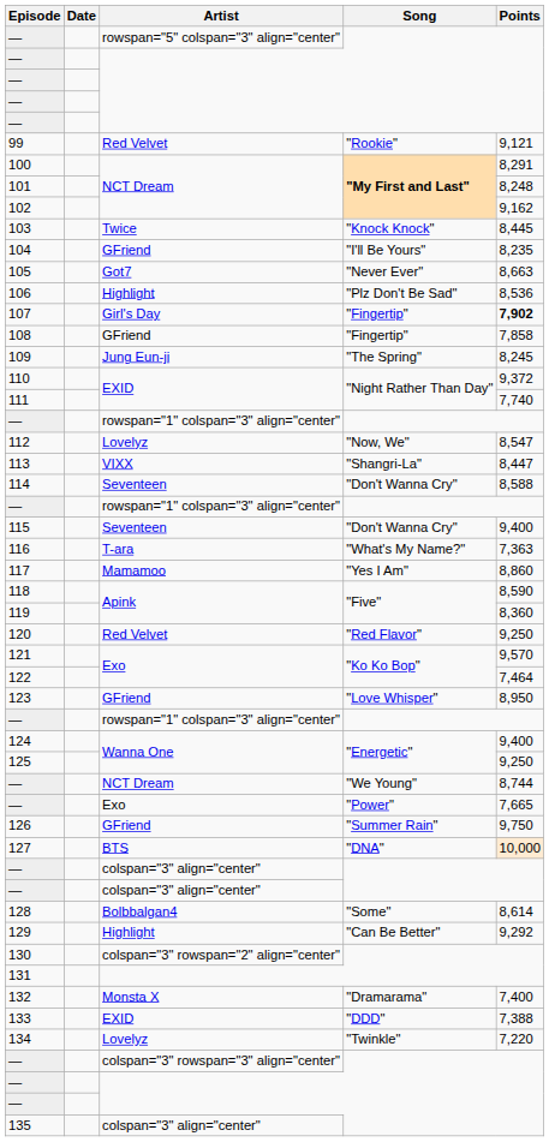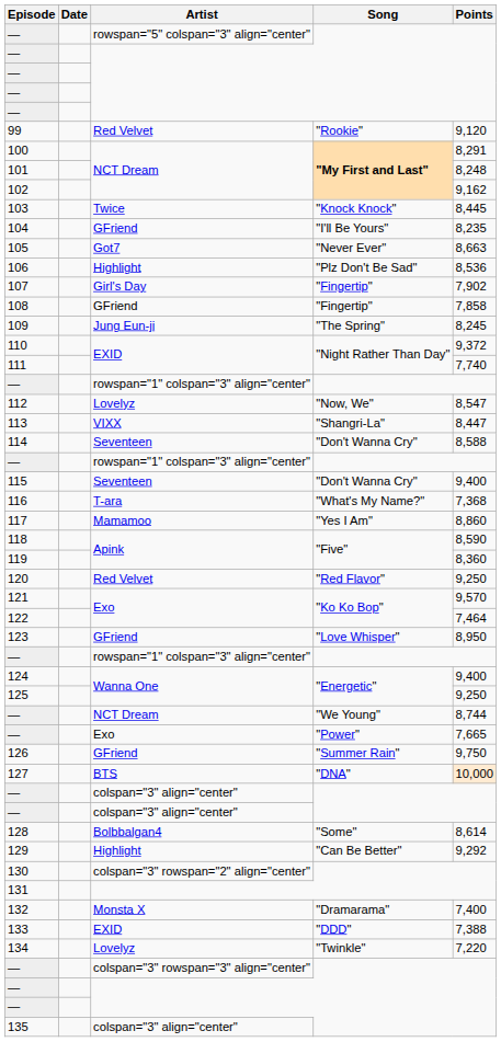 <table class="sortable wikitable">
 <tr>
 <th>Episode</th>
 <th>Date</th>
 <th>Artist</th>
 <th>Song</th>
 <th>Points</th>
 </tr>
 <tr>
 <td style="background:#eee;">—</td>
 <td></td>
 <td>rowspan="5" colspan="3" align="center" </td>
 </tr>
 <tr>
 <td style="background:#eee;">—</td>
 <td></td>
 </tr>
 <tr>
 <td style="background:#eee;">—</td>
 <td></td>
 </tr>
 <tr>
 <td style="background:#eee;">—</td>
 <td></td>
 </tr>
 <tr>
 <td style="background:#eee;">—</td>
 <td></td>
 </tr>
 <tr>
 <td>99</td>
 <td></td>
 <td><a href='#'>Red Velvet</a></td>
 <td>"<a href='#'>Rookie</a>"</td>
-<td>9,121</td>
+<td>9,120</td>
 </tr>
 <tr>
 <td>100</td>
 <td></td>
 <td rowspan="3"><a href='#'>NCT Dream</a></td>
 <td rowspan="3" style="font-weight: bold; background: navajowhite;">"My First and Last"</td>
 <td>8,291</td>
 </tr>
 <tr>
 <td>101</td>
 <td></td>
 <td>8,248</td>
 </tr>
 <tr>
 <td>102</td>
 <td></td>
 <td>9,162</td>
 </tr>
 <tr>
 <td>103</td>
 <td></td>
 <td><a href='#'>Twice</a></td>
 <td>"<a href='#'>Knock Knock</a>"</td>
 <td>8,445</td>
 </tr>
 <tr>
 <td>104</td>
 <td></td>
 <td><a href='#'>GFriend</a></td>
 <td>"I'll Be Yours"</td>
 <td>8,235</td>
 </tr>
 <tr>
 <td>105</td>
 <td></td>
 <td><a href='#'>Got7</a></td>
 <td>"Never Ever"</td>
 <td>8,663</td>
 </tr>
 <tr>
 <td>106</td>
 <td></td>
 <td><a href='#'>Highlight</a></td>
 <td>"Plz Don't Be Sad"</td>
 <td>8,536</td>
 </tr>
 <tr>
 <td>107</td>
 <td></td>
 <td><a href='#'>Girl's Day</a></td>
 <td>"<a href='#'>Fingertip</a>"</td>
-<td><strong>7,902</strong></td>
+<td>7,902</td>
 </tr>
 <tr>
 <td>108</td>
 <td></td>
 <td>GFriend</td>
 <td>"Fingertip"</td>
 <td>7,858</td>
 </tr>
 <tr>
 <td>109</td>
 <td></td>
 <td><a href='#'>Jung Eun-ji</a></td>
 <td>"The Spring"</td>
 <td>8,245</td>
 </tr>
 <tr>
 <td>110</td>
 <td></td>
 <td rowspan="2"><a href='#'>EXID</a></td>
 <td rowspan="2">"Night Rather Than Day"</td>
 <td>9,372</td>
 </tr>
 <tr>
 <td>111</td>
 <td></td>
 <td>7,740</td>
 </tr>
 <tr>
 <td style="background:#eee;">—</td>
 <td></td>
 <td>rowspan="1" colspan="3" align="center" </td>
 </tr>
 <tr>
 <td>112</td>
 <td></td>
 <td><a href='#'>Lovelyz</a></td>
 <td>"Now, We"</td>
 <td>8,547</td>
 </tr>
 <tr>
 <td>113</td>
 <td></td>
 <td><a href='#'>VIXX</a></td>
 <td>"Shangri-La"</td>
 <td>8,447</td>
 </tr>
 <tr>
 <td>114</td>
 <td></td>
 <td><a href='#'>Seventeen</a></td>
 <td>"Don't Wanna Cry"</td>
 <td>8,588</td>
 </tr>
 <tr>
 <td style="background:#eee;">—</td>
 <td></td>
 <td>rowspan="1" colspan="3" align="center" </td>
 </tr>
 <tr>
 <td>115</td>
 <td></td>
 <td><a href='#'>Seventeen</a></td>
 <td>"Don't Wanna Cry"</td>
 <td>9,400</td>
 </tr>
 <tr>
 <td>116</td>
 <td></td>
 <td><a href='#'>T-ara</a></td>
 <td>"What's My Name?"</td>
-<td>7,363</td>
+<td>7,368</td>
 </tr>
 <tr>
 <td>117</td>
 <td></td>
 <td><a href='#'>Mamamoo</a></td>
 <td>"Yes I Am"</td>
 <td>8,860</td>
 </tr>
 <tr>
 <td>118</td>
 <td></td>
 <td rowspan="2"><a href='#'>Apink</a></td>
 <td rowspan="2">"Five"</td>
 <td>8,590</td>
 </tr>
 <tr>
 <td>119</td>
 <td></td>
 <td>8,360</td>
 </tr>
 <tr>
 <td>120</td>
 <td></td>
 <td><a href='#'>Red Velvet</a></td>
 <td>"<a href='#'>Red Flavor</a>"</td>
 <td>9,250</td>
 </tr>
 <tr>
 <td>121</td>
 <td></td>
 <td rowspan="2"><a href='#'>Exo</a></td>
 <td rowspan="2">"<a href='#'>Ko Ko Bop</a>"</td>
 <td>9,570</td>
 </tr>
 <tr>
 <td>122</td>
 <td></td>
 <td>7,464</td>
 </tr>
 <tr>
 <td>123</td>
 <td></td>
 <td><a href='#'>GFriend</a></td>
 <td>"<a href='#'>Love Whisper</a>"</td>
 <td>8,950</td>
 </tr>
 <tr>
 <td style="background:#eee;">—</td>
 <td></td>
 <td>rowspan="1" colspan="3" align="center" </td>
 </tr>
 <tr>
 <td>124</td>
 <td></td>
 <td rowspan="2"><a href='#'>Wanna One</a></td>
 <td rowspan="2">"<a href='#'>Energetic</a>"</td>
 <td>9,400</td>
 </tr>
 <tr>
 <td>125</td>
 <td></td>
 <td>9,250</td>
 </tr>
 <tr>
 <td style="background:#eee;">—</td>
 <td></td>
 <td><a href='#'>NCT Dream</a></td>
 <td>"We Young"</td>
 <td>8,744</td>
 </tr>
 <tr>
 <td style="background:#eee;">—</td>
 <td></td>
 <td>Exo</td>
 <td>"<a href='#'>Power</a>"</td>
 <td>7,665</td>
 </tr>
 <tr>
 <td>126</td>
 <td></td>
 <td><a href='#'>GFriend</a></td>
 <td>"<a href='#'>Summer Rain</a>"</td>
 <td>9,750</td>
 </tr>
 <tr>
 <td>127</td>
 <td></td>
 <td><a href='#'>BTS</a></td>
 <td>"<a href='#'>DNA</a>"</td>
 <td style='background: #ffebd2;'>10,000</td>
 </tr>
 <tr>
 <td style="background:#eee;">—</td>
 <td></td>
 <td>colspan="3" align="center" </td>
 </tr>
 <tr>
 <td style="background:#eee;">—</td>
 <td></td>
 <td>colspan="3"  align="center" </td>
 </tr>
 <tr>
 <td>128</td>
 <td></td>
 <td><a href='#'>Bolbbalgan4</a></td>
 <td>"Some"</td>
 <td>8,614</td>
 </tr>
 <tr>
 <td>129</td>
 <td></td>
 <td><a href='#'>Highlight</a></td>
 <td>"Can Be Better"</td>
 <td>9,292</td>
 </tr>
 <tr>
 <td>130</td>
 <td></td>
 <td>colspan="3" rowspan="2" align="center" </td>
 </tr>
 <tr>
 <td>131</td>
 <td></td>
 </tr>
 <tr>
 <td>132</td>
 <td></td>
 <td><a href='#'>Monsta X</a></td>
 <td>"Dramarama"</td>
 <td>7,400</td>
 </tr>
 <tr>
 <td>133</td>
 <td></td>
 <td><a href='#'>EXID</a></td>
 <td>"<a href='#'>DDD</a>"</td>
 <td>7,388</td>
 </tr>
 <tr>
 <td>134</td>
 <td></td>
 <td><a href='#'>Lovelyz</a></td>
 <td>"Twinkle"</td>
 <td>7,220</td>
 </tr>
 <tr>
 <td style="background:#eee;">—</td>
 <td></td>
 <td>colspan="3" rowspan="3" align="center" </td>
 </tr>
 <tr>
 <td style="background:#eee;">—</td>
 <td></td>
 </tr>
 <tr>
 <td style="background:#eee;">—</td>
 <td></td>
 </tr>
 <tr>
 <td>135</td>
 <td></td>
 <td>colspan="3" align="center" </td>
 </tr>
 </table>
